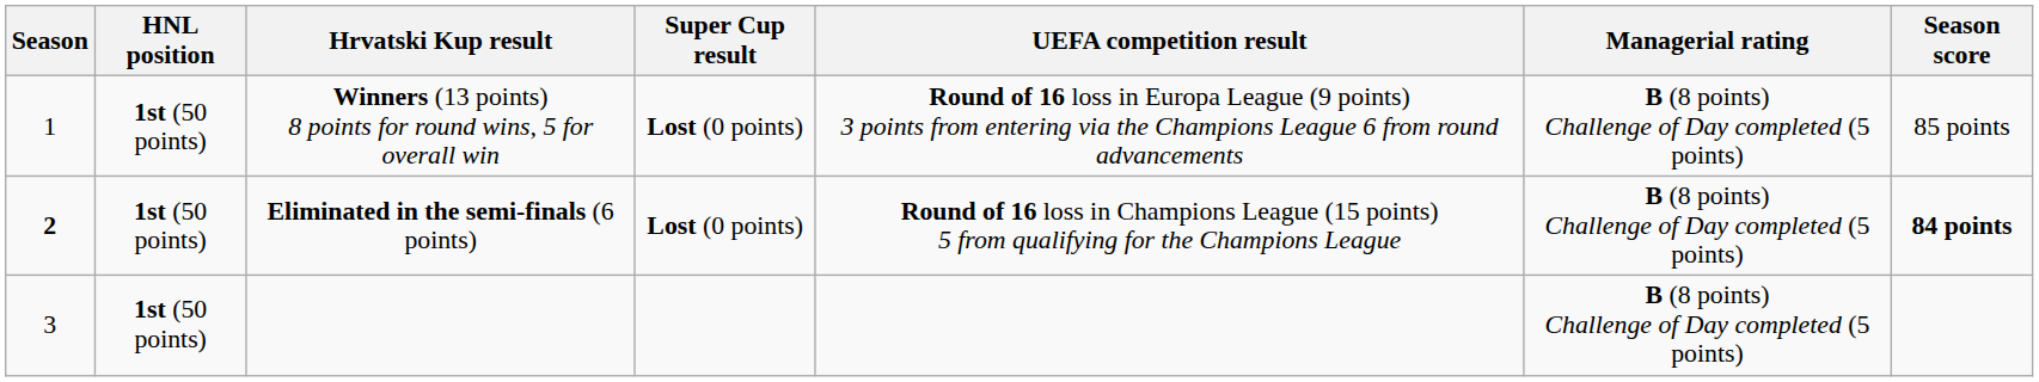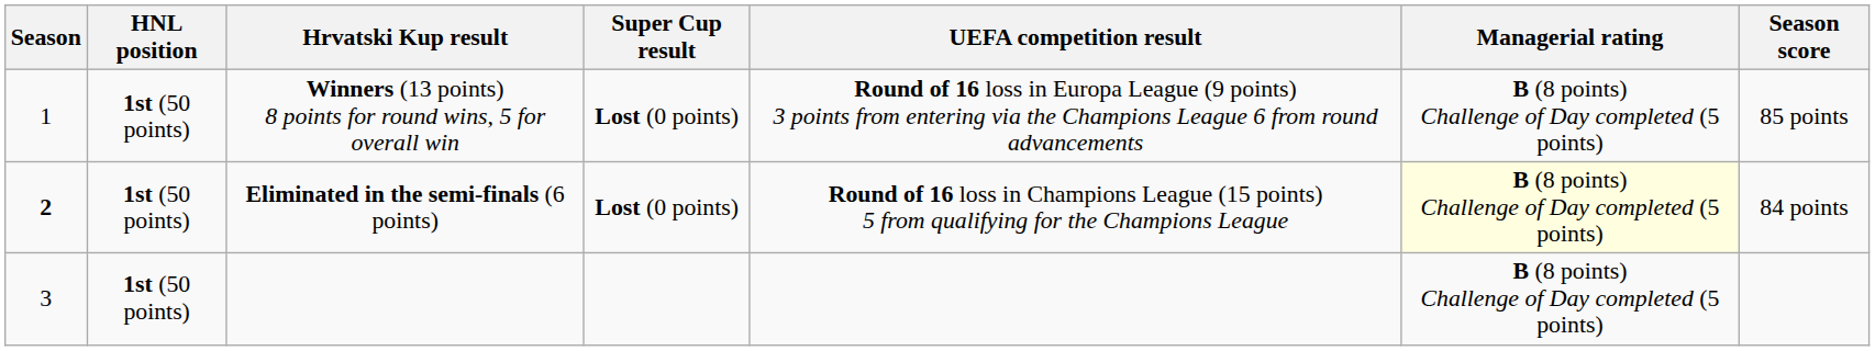 <table class="wikitable" style="text-align:center">
 <tr>
 <th>Season</th>
 <th>HNL position</th>
 <th>Hrvatski Kup result</th>
 <th>Super Cup result</th>
 <th>UEFA competition result</th>
 <th>Managerial rating</th>
 <th>Season score</th>
 </tr>
 <tr>
 <td>1</td>
 <td><strong>1st</strong> (50 points)</td>
 <td><strong>Winners</strong> (13 points)<br><em>8 points for round wins, 5 for overall win</em></td>
 <td><strong>Lost</strong> (0 points)</td>
 <td><strong>Round of 16</strong> loss in Europa League (9 points)<br><em>3 points from entering via the Champions League</em> <em>6 from round advancements</em></td>
 <td><strong>B</strong> (8 points)<br><em>Challenge of Day completed</em> (5 points)</td>
 <td>85 points</td>
 </tr>
 <tr>
 <td><strong>2</strong></td>
 <td><strong>1st</strong> (50 points)</td>
 <td><strong>Eliminated in the semi-finals</strong> (6 points)</td>
 <td><strong>Lost</strong> (0 points)</td>
 <td><strong>Round of 16</strong> loss in Champions League (15 points)<br><em>5 from qualifying for the Champions League</em></td>
-<td><strong>B</strong> (8 points)<br><em>Challenge of Day completed</em> (5 points)</td>
-<td><strong>84 points</strong></td>
+<td style="background: lightyellow;"><strong>B</strong> (8 points)<br><em>Challenge of Day completed</em> (5 points)</td>
+<td>84 points</td>
 </tr>
 <tr>
 <td>3</td>
 <td><strong>1st</strong> (50 points)</td>
 <td></td>
 <td></td>
 <td></td>
 <td><strong>B</strong> (8 points)<br><em>Challenge of Day completed</em> (5 points)</td>
 </tr>
 </table>
